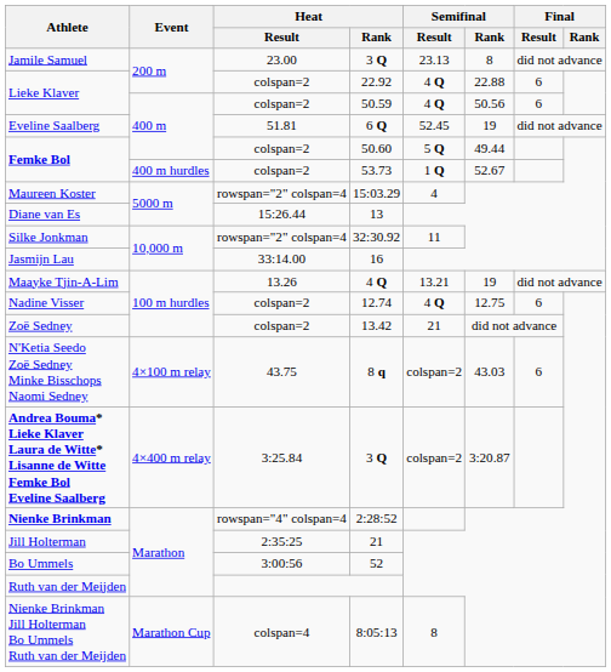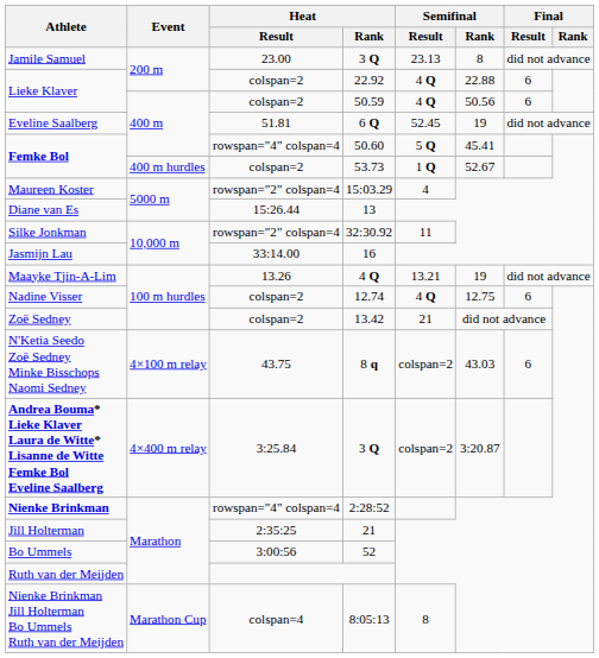 <table class="wikitable" style="font-size:90%">
 <tr>
 <th rowspan="2">Athlete</th>
 <th rowspan="2">Event</th>
 <th colspan="2">Heat</th>
 <th colspan="2">Semifinal</th>
 <th colspan="2">Final</th>
 </tr>
 <tr style="font-size:95%">
 <th>Result</th>
 <th>Rank</th>
 <th>Result</th>
 <th>Rank</th>
 <th>Result</th>
 <th>Rank</th>
 </tr>
 <tr align="center">
 <td align="left"><a href='#'>Jamile Samuel</a></td>
 <td rowspan="2" align="left"><a href='#'>200 m</a></td>
 <td>23.00</td>
 <td>3 <strong>Q</strong></td>
 <td>23.13</td>
 <td>8</td>
 <td colspan=2>did not advance</td>
 </tr>
 <tr align="center">
 <td align="left" rowspan=2><a href='#'>Lieke Klaver</a></td>
 <td>colspan=2 </td>
 <td>22.92</td>
 <td>4 <strong>Q</strong></td>
 <td>22.88</td>
 <td>6</td>
 </tr>
 <tr align="center">
 <td rowspan="3" align="left"><a href='#'>400 m</a></td>
 <td>colspan=2 </td>
 <td>50.59</td>
 <td>4 <strong>Q</strong></td>
 <td>50.56</td>
 <td>6</td>
 </tr>
 <tr align="center">
 <td align="left"><a href='#'>Eveline Saalberg</a></td>
 <td>51.81</td>
 <td>6 <strong>Q</strong></td>
 <td>52.45</td>
 <td>19</td>
 <td colspan=2>did not advance</td>
 </tr>
 <tr align="center">
 <td align="left" rowspan=2><strong><a href='#'>Femke Bol</a></strong></td>
-<td>colspan=2 </td>
+<td>rowspan="4" colspan=4 </td>
 <td>50.60</td>
 <td>5 <strong>Q</strong></td>
-<td>49.44</td>
+<td>45.41</td>
 <td></td>
 </tr>
 <tr align="center">
 <td rowspan="1" align="left"><a href='#'>400 m hurdles</a></td>
 <td>colspan=2 </td>
 <td>53.73</td>
 <td>1 <strong>Q</strong></td>
 <td>52.67</td>
 <td></td>
 </tr>
 <tr align="center">
 <td align="left"><a href='#'>Maureen Koster</a></td>
 <td rowspan="2" align="left"><a href='#'>5000 m</a></td>
 <td>rowspan="2" colspan=4 </td>
 <td>15:03.29</td>
 <td>4</td>
 </tr>
 <tr align="center">
 <td align="left"><a href='#'>Diane van Es</a></td>
 <td>15:26.44</td>
 <td>13</td>
 </tr>
 <tr align="center">
 <td align="left"><a href='#'>Silke Jonkman</a></td>
 <td rowspan="2" align="left"><a href='#'>10,000 m</a></td>
 <td>rowspan="2" colspan=4 </td>
 <td>32:30.92</td>
 <td>11</td>
 </tr>
 <tr align="center">
 <td align="left"><a href='#'>Jasmijn Lau</a></td>
 <td>33:14.00</td>
 <td>16</td>
 </tr>
 <tr align="center">
 <td align="left"><a href='#'>Maayke Tjin-A-Lim</a></td>
 <td rowspan="3" align="left"><a href='#'>100 m hurdles</a></td>
 <td>13.26</td>
 <td>4 <strong>Q</strong></td>
 <td>13.21</td>
 <td>19</td>
 <td colspan=2>did not advance</td>
 </tr>
 <tr align="center">
 <td align="left"><a href='#'>Nadine Visser</a></td>
 <td>colspan=2 </td>
 <td>12.74</td>
 <td>4 <strong>Q</strong></td>
 <td>12.75</td>
 <td>6</td>
 </tr>
 <tr align="center">
 <td align="left"><a href='#'>Zoë Sedney</a></td>
 <td>colspan=2 </td>
 <td>13.42</td>
 <td>21</td>
 <td colspan=2>did not advance</td>
 </tr>
 <tr align="center">
 <td align="left"><a href='#'>N'Ketia Seedo</a><br><a href='#'>Zoë Sedney</a><br><a href='#'>Minke Bisschops</a><br><a href='#'>Naomi Sedney</a></td>
 <td align="left"><a href='#'>4×100 m relay</a></td>
 <td>43.75</td>
 <td>8 <strong>q</strong></td>
 <td>colspan=2 </td>
 <td>43.03</td>
 <td>6</td>
 </tr>
 <tr align="center">
 <td align="left"><strong><a href='#'>Andrea Bouma</a>*<br><a href='#'>Lieke Klaver</a><br><a href='#'>Laura de Witte</a>*<br><a href='#'>Lisanne de Witte</a><br><a href='#'>Femke Bol</a><br><a href='#'>Eveline Saalberg</a></strong></td>
 <td align="left"><a href='#'>4×400 m relay</a></td>
 <td>3:25.84</td>
 <td>3 <strong>Q</strong></td>
 <td>colspan=2 </td>
 <td>3:20.87</td>
 <td></td>
 </tr>
 <tr align="center">
 <td align="left"><strong><a href='#'>Nienke Brinkman</a></strong></td>
 <td rowspan="4" align="left"><a href='#'>Marathon</a></td>
 <td>rowspan="4" colspan=4 </td>
 <td>2:28:52</td>
 <td></td>
 </tr>
 <tr align="center">
 <td align="left"><a href='#'>Jill Holterman</a></td>
 <td>2:35:25 </td>
 <td>21</td>
 </tr>
 <tr align="center">
 <td align="left"><a href='#'>Bo Ummels</a></td>
 <td>3:00:56</td>
 <td>52 </td>
 </tr>
 <tr align="center">
 <td align="left"><a href='#'>Ruth van der Meijden</a></td>
 <td colspan=2></td>
 </tr>
 <tr align="center">
 <td align="left"><a href='#'>Nienke Brinkman</a><br><a href='#'>Jill Holterman</a><br><a href='#'>Bo Ummels</a><br><a href='#'>Ruth van der Meijden</a></td>
 <td align="left"><a href='#'>Marathon Cup</a></td>
 <td>colspan=4 </td>
 <td>8:05:13</td>
 <td>8</td>
 </tr>
 </table>
